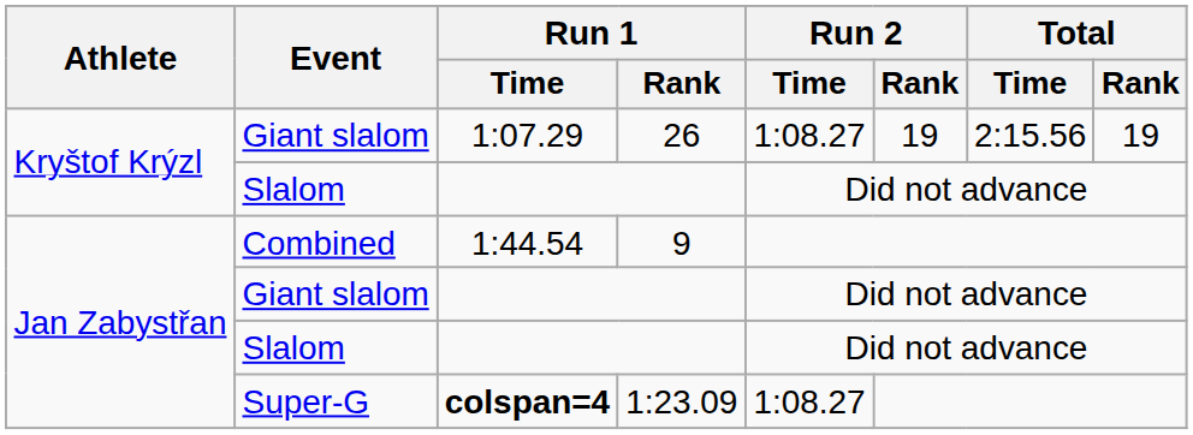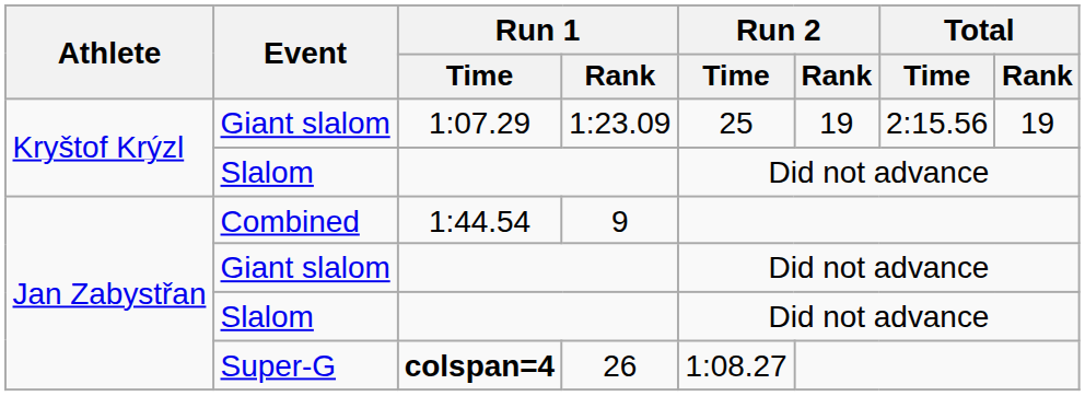 <table class=wikitable style=font-size:90%;text-align:center>
 <tr>
 <th rowspan=2>Athlete</th>
 <th rowspan=2>Event</th>
 <th colspan=2>Run 1</th>
 <th colspan=2>Run 2</th>
 <th colspan=2>Total</th>
 </tr>
 <tr style="font-size:95%">
 <th>Time</th>
 <th>Rank</th>
 <th>Time</th>
 <th>Rank</th>
 <th>Time</th>
 <th>Rank</th>
 </tr>
 <tr>
 <td align=left rowspan=2><a href='#'>Kryštof Krýzl</a></td>
 <td align=left><a href='#'>Giant slalom</a></td>
 <td>1:07.29</td>
-<td>26</td>
-<td>1:08.27</td>
+<td>1:23.09</td>
+<td>25</td>
 <td>19</td>
 <td>2:15.56</td>
 <td>19</td>
 </tr>
 <tr>
 <td align=left><a href='#'>Slalom</a></td>
 <td colspan=2></td>
 <td colspan=4>Did not advance</td>
 </tr>
 <tr>
 <td align=left rowspan=4><a href='#'>Jan Zabystřan</a></td>
 <td align=left><a href='#'>Combined</a></td>
 <td>1:44.54</td>
 <td>9</td>
 <td colspan=4></td>
 </tr>
 <tr>
 <td align=left><a href='#'>Giant slalom</a></td>
 <td colspan=2></td>
 <td colspan=4>Did not advance</td>
 </tr>
 <tr>
 <td align=left><a href='#'>Slalom</a></td>
 <td colspan=2></td>
 <td colspan=4>Did not advance</td>
 </tr>
 <tr>
 <td align=left><a href='#'>Super-G</a></td>
 <td><strong>colspan=4 </strong></td>
-<td>1:23.09</td>
+<td>26</td>
 <td>1:08.27</td>
 </tr>
 </table>
